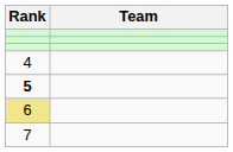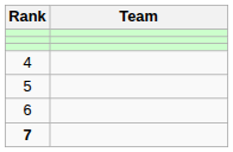 <table class=wikitable style="text-align:center;">
 <tr>
 <th>Rank</th>
 <th width=180>Team</th>
 </tr>
 <tr bgcolor=ccffcc>
 <td></td>
 <td align=left></td>
 </tr>
 <tr bgcolor=ccffcc>
 <td></td>
 <td align=left></td>
 </tr>
 <tr bgcolor=ccffcc>
 <td></td>
 <td align=left></td>
 </tr>
 <tr>
 <td>4</td>
 <td align=left></td>
 </tr>
 <tr>
-<td><strong>5</strong></td>
+<td>5</td>
 <td align=left></td>
 </tr>
 <tr>
-<td style="background: khaki;">6</td>
+<td>6</td>
 <td align=left></td>
 </tr>
 <tr>
-<td>7</td>
+<td><strong>7</strong></td>
 <td align=left></td>
 </tr>
 </table>
